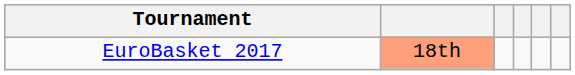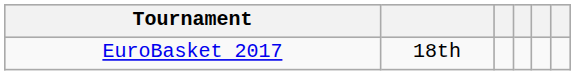 <table class="wikitable" style="font-size:95%; text-align:center;" width=350>
 <tr>
 <th>Tournament</th>
 <th></th>
 <th></th>
 <th></th>
 <th></th>
 <th></th>
 </tr>
 <tr>
 <td><a href='#'>EuroBasket 2017</a></td>
-<td style="background: lightsalmon;">18th</td>
+<td>18th</td>
 <td></td>
 <td></td>
 <td></td>
 <td></td>
 </tr>
 </table>
